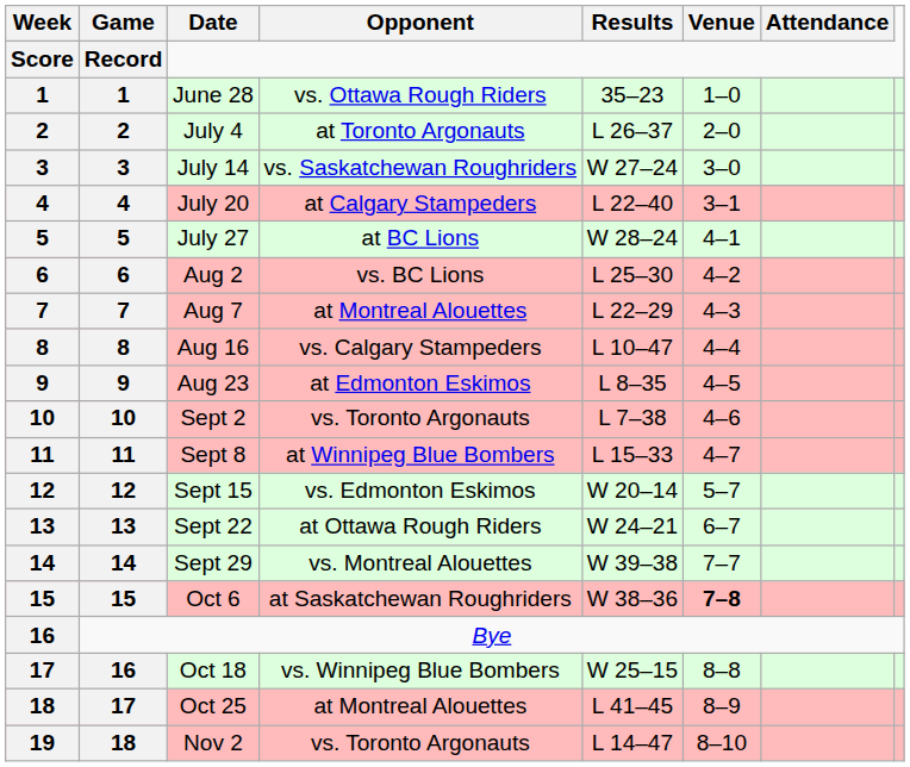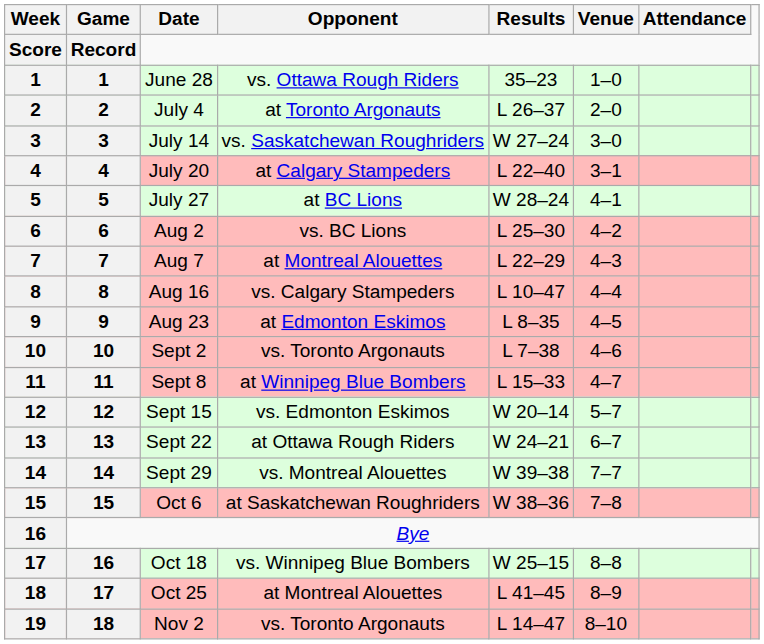 <table class="wikitable" style="text-align:center">
 <tr>
 <th>Week</th>
 <th>Game</th>
 <th>Date</th>
 <th>Opponent</th>
 <th>Results</th>
 <th>Venue</th>
 <th>Attendance</th>
 </tr>
 <tr>
 <th>Score</th>
 <th>Record</th>
 </tr>
 <tr style="background:#ddffdd">
 <th>1</th>
 <th>1</th>
 <td>June 28</td>
 <td>vs. <a href='#'>Ottawa Rough Riders</a></td>
 <td>35–23</td>
 <td>1–0</td>
 <td></td>
 <td></td>
 </tr>
 <tr style="background:#ddffdd">
 <th>2</th>
 <th>2</th>
 <td>July 4</td>
 <td>at <a href='#'>Toronto Argonauts</a></td>
 <td>L 26–37</td>
 <td>2–0</td>
 <td></td>
 <td></td>
 </tr>
 <tr style="background:#ddffdd">
 <th>3</th>
 <th>3</th>
 <td>July 14</td>
 <td>vs. <a href='#'>Saskatchewan Roughriders</a></td>
 <td>W 27–24</td>
 <td>3–0</td>
 <td></td>
 <td></td>
 </tr>
 <tr style="background:#ffbbbb">
 <th>4</th>
 <th>4</th>
 <td>July 20</td>
 <td>at <a href='#'>Calgary Stampeders</a></td>
 <td>L 22–40</td>
 <td>3–1</td>
 <td></td>
 <td></td>
 </tr>
 <tr style="background:#ddffdd">
 <th>5</th>
 <th>5</th>
 <td>July 27</td>
 <td>at <a href='#'>BC Lions</a></td>
 <td>W 28–24</td>
 <td>4–1</td>
 <td></td>
 <td></td>
 </tr>
 <tr style="background:#ffbbbb">
 <th>6</th>
 <th>6</th>
 <td>Aug 2</td>
 <td>vs. BC Lions</td>
 <td>L 25–30</td>
 <td>4–2</td>
 <td></td>
 <td></td>
 </tr>
 <tr style="background:#ffbbbb">
 <th>7</th>
 <th>7</th>
 <td>Aug 7</td>
 <td>at <a href='#'>Montreal Alouettes</a></td>
 <td>L 22–29</td>
 <td>4–3</td>
 <td></td>
 <td></td>
 </tr>
 <tr style="background:#ffbbbb">
 <th>8</th>
 <th>8</th>
 <td>Aug 16</td>
 <td>vs. Calgary Stampeders</td>
 <td>L 10–47</td>
 <td>4–4</td>
 <td></td>
 <td></td>
 </tr>
 <tr style="background:#ffbbbb">
 <th>9</th>
 <th>9</th>
 <td>Aug 23</td>
 <td>at <a href='#'>Edmonton Eskimos</a></td>
 <td>L 8–35</td>
 <td>4–5</td>
 <td></td>
 <td></td>
 </tr>
 <tr style="background:#ffbbbb">
 <th>10</th>
 <th>10</th>
 <td>Sept 2</td>
 <td>vs. Toronto Argonauts</td>
 <td>L 7–38</td>
 <td>4–6</td>
 <td></td>
 <td></td>
 </tr>
 <tr style="background:#ffbbbb">
 <th>11</th>
 <th>11</th>
 <td>Sept 8</td>
 <td>at <a href='#'>Winnipeg Blue Bombers</a></td>
 <td>L 15–33</td>
 <td>4–7</td>
 <td></td>
 <td></td>
 </tr>
 <tr style="background:#ddffdd">
 <th>12</th>
 <th>12</th>
 <td>Sept 15</td>
 <td>vs. Edmonton Eskimos</td>
 <td>W 20–14</td>
 <td>5–7</td>
 <td></td>
 <td></td>
 </tr>
 <tr style="background:#ddffdd">
 <th>13</th>
 <th>13</th>
 <td>Sept 22</td>
 <td>at Ottawa Rough Riders</td>
 <td>W 24–21</td>
 <td>6–7</td>
 <td></td>
 <td></td>
 </tr>
 <tr style="background:#ddffdd">
 <th>14</th>
 <th>14</th>
 <td>Sept 29</td>
 <td>vs. Montreal Alouettes</td>
 <td>W 39–38</td>
 <td>7–7</td>
 <td></td>
 <td></td>
 </tr>
 <tr style="background:#ffbbbb">
 <th>15</th>
 <th>15</th>
 <td>Oct 6</td>
 <td>at Saskatchewan Roughriders</td>
 <td>W 38–36</td>
-<td><strong>7–8</strong></td>
+<td>7–8</td>
 <td></td>
 <td></td>
 </tr>
 <tr>
 <th>16</th>
 <td colspan="7"><em><a href='#'>Bye</a></em></td>
 </tr>
 <tr style="background:#ddffdd">
 <th>17</th>
 <th>16</th>
 <td>Oct 18</td>
 <td>vs. Winnipeg Blue Bombers</td>
 <td>W 25–15</td>
 <td>8–8</td>
 <td></td>
 <td></td>
 </tr>
 <tr style="background:#ffbbbb">
 <th>18</th>
 <th>17</th>
 <td>Oct 25</td>
 <td>at Montreal Alouettes</td>
 <td>L 41–45</td>
 <td>8–9</td>
 <td></td>
 <td></td>
 </tr>
 <tr style="background:#ffbbbb">
 <th>19</th>
 <th>18</th>
 <td>Nov 2</td>
 <td>vs. Toronto Argonauts</td>
 <td>L 14–47</td>
 <td>8–10</td>
 <td></td>
 <td></td>
 </tr>
 </table>
